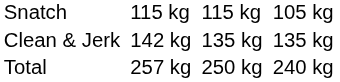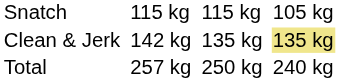 <table>
 <tr>
 <td>Snatch</td>
 <td></td>
 <td>115 kg</td>
 <td></td>
 <td>115 kg</td>
 <td></td>
 <td>105 kg</td>
 </tr>
 <tr>
 <td>Clean & Jerk</td>
 <td></td>
 <td>142 kg</td>
 <td></td>
 <td>135 kg</td>
 <td></td>
-<td>135 kg</td>
+<td style="background: khaki;">135 kg</td>
 </tr>
 <tr>
 <td>Total</td>
 <td></td>
 <td>257 kg</td>
 <td></td>
 <td>250 kg</td>
 <td></td>
 <td>240 kg</td>
 </tr>
 </table>
